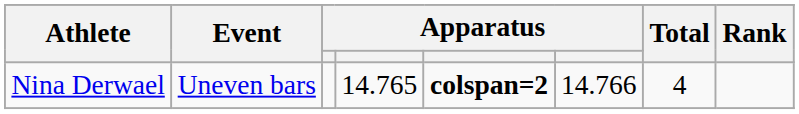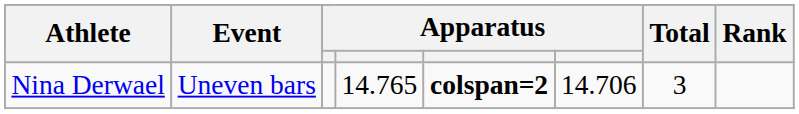 <table class=wikitable style=font-size:90%;text-align:center>
 <tr>
 <th rowspan=2>Athlete</th>
 <th rowspan=2>Event</th>
 <th colspan=4>Apparatus</th>
 <th rowspan=2>Total</th>
 <th rowspan=2>Rank</th>
 </tr>
 <tr style=font-size:95%>
 <th></th>
 <th></th>
 <th></th>
 <th></th>
 </tr>
 <tr>
 <td align=left><a href='#'>Nina Derwael</a></td>
 <td align=left><a href='#'>Uneven bars</a></td>
 <td></td>
 <td>14.765</td>
 <td><strong>colspan=2 </strong></td>
-<td>14.766</td>
-<td>4</td>
+<td>14.706</td>
+<td>3</td>
 </tr>
 </table>
